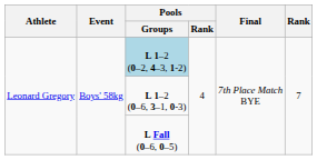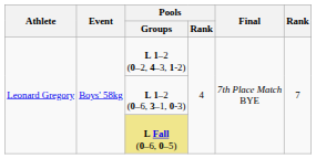 <table class="wikitable" style="text-align:left; font-size:90%">
 <tr>
 <th rowspan="2">Athlete</th>
 <th rowspan="2">Event</th>
 <th colspan="2">Pools</th>
 <th rowspan="2">Final</th>
 <th rowspan="2">Rank</th>
 </tr>
 <tr>
 <th>Groups</th>
 <th>Rank</th>
 </tr>
 <tr>
 <td rowspan="3"><a href='#'>Leonard Gregory</a></td>
 <td rowspan="3"><a href='#'>Boys' 58kg</a></td>
-<td align=center style="background: lightblue;"><br><strong>L</strong> <strong>1</strong>–2<br>(<strong>0</strong>–2, <strong>4</strong>–3, <strong>1</strong>-2)</td>
+<td align=center><br><strong>L</strong> <strong>1</strong>–2<br>(<strong>0</strong>–2, <strong>4</strong>–3, <strong>1</strong>-2)</td>
 <td rowspan="3" align=center>4</td>
 <td align=center rowspan=3><em>7th Place Match</em><br>BYE</td>
 <td rowspan="3" align="center">7</td>
 </tr>
 <tr>
 <td align=center><br><strong>L</strong> <strong>1</strong>–2<br>(<strong>0</strong>–6, <strong>3</strong>–1, <strong>0</strong>-3)</td>
 </tr>
 <tr>
-<td align=center><br><strong>L</strong> <strong><a href='#'>Fall</a></strong><br>(<strong>0</strong>–6, <strong>0</strong>–5)</td>
+<td align=center style="background: khaki;"><br><strong>L</strong> <strong><a href='#'>Fall</a></strong><br>(<strong>0</strong>–6, <strong>0</strong>–5)</td>
 </tr>
 </table>
